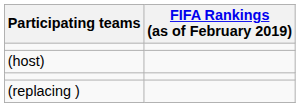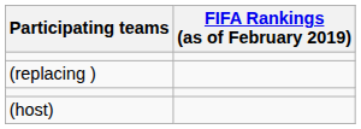 <table class="wikitable sortable" style="text-align: left;">
 <tr>
 <th>Participating teams</th>
 <th><a href='#'>FIFA Rankings</a><br>(as of February 2019)</th>
 </tr>
 <tr>
 <td></td>
 <td></td>
 </tr>
 <tr>
-<td> (host)</td>
+<td> (replacing )</td>
 <td></td>
 </tr>
 <tr>
 <td></td>
 <td></td>
 </tr>
 <tr>
-<td> (replacing )</td>
+<td> (host)</td>
 <td></td>
 </tr>
 </table>
